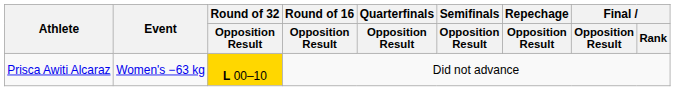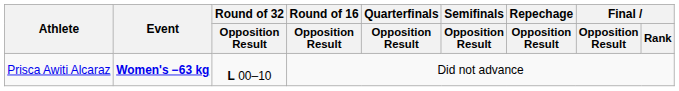 <table class="wikitable" style="font-size:90%">
 <tr>
 <th rowspan="2">Athlete</th>
 <th rowspan="2">Event</th>
 <th>Round of 32</th>
 <th>Round of 16</th>
 <th>Quarterfinals</th>
 <th>Semifinals</th>
 <th>Repechage</th>
 <th colspan=2>Final / </th>
 </tr>
 <tr style="font-size:95%">
 <th>Opposition<br>Result</th>
 <th>Opposition<br>Result</th>
 <th>Opposition<br>Result</th>
 <th>Opposition<br>Result</th>
 <th>Opposition<br>Result</th>
 <th>Opposition<br>Result</th>
 <th>Rank</th>
 </tr>
 <tr align=center>
 <td align=left><a href='#'>Prisca Awiti Alcaraz</a></td>
-<td align=left><a href='#'>Women's −63 kg</a></td>
-<td style="background: gold;"><br><strong>L</strong> 00–10</td>
+<td align=left><strong><a href='#'>Women's −63 kg</a></strong></td>
+<td><br><strong>L</strong> 00–10</td>
 <td colspan=6>Did not advance</td>
 </tr>
 </table>
